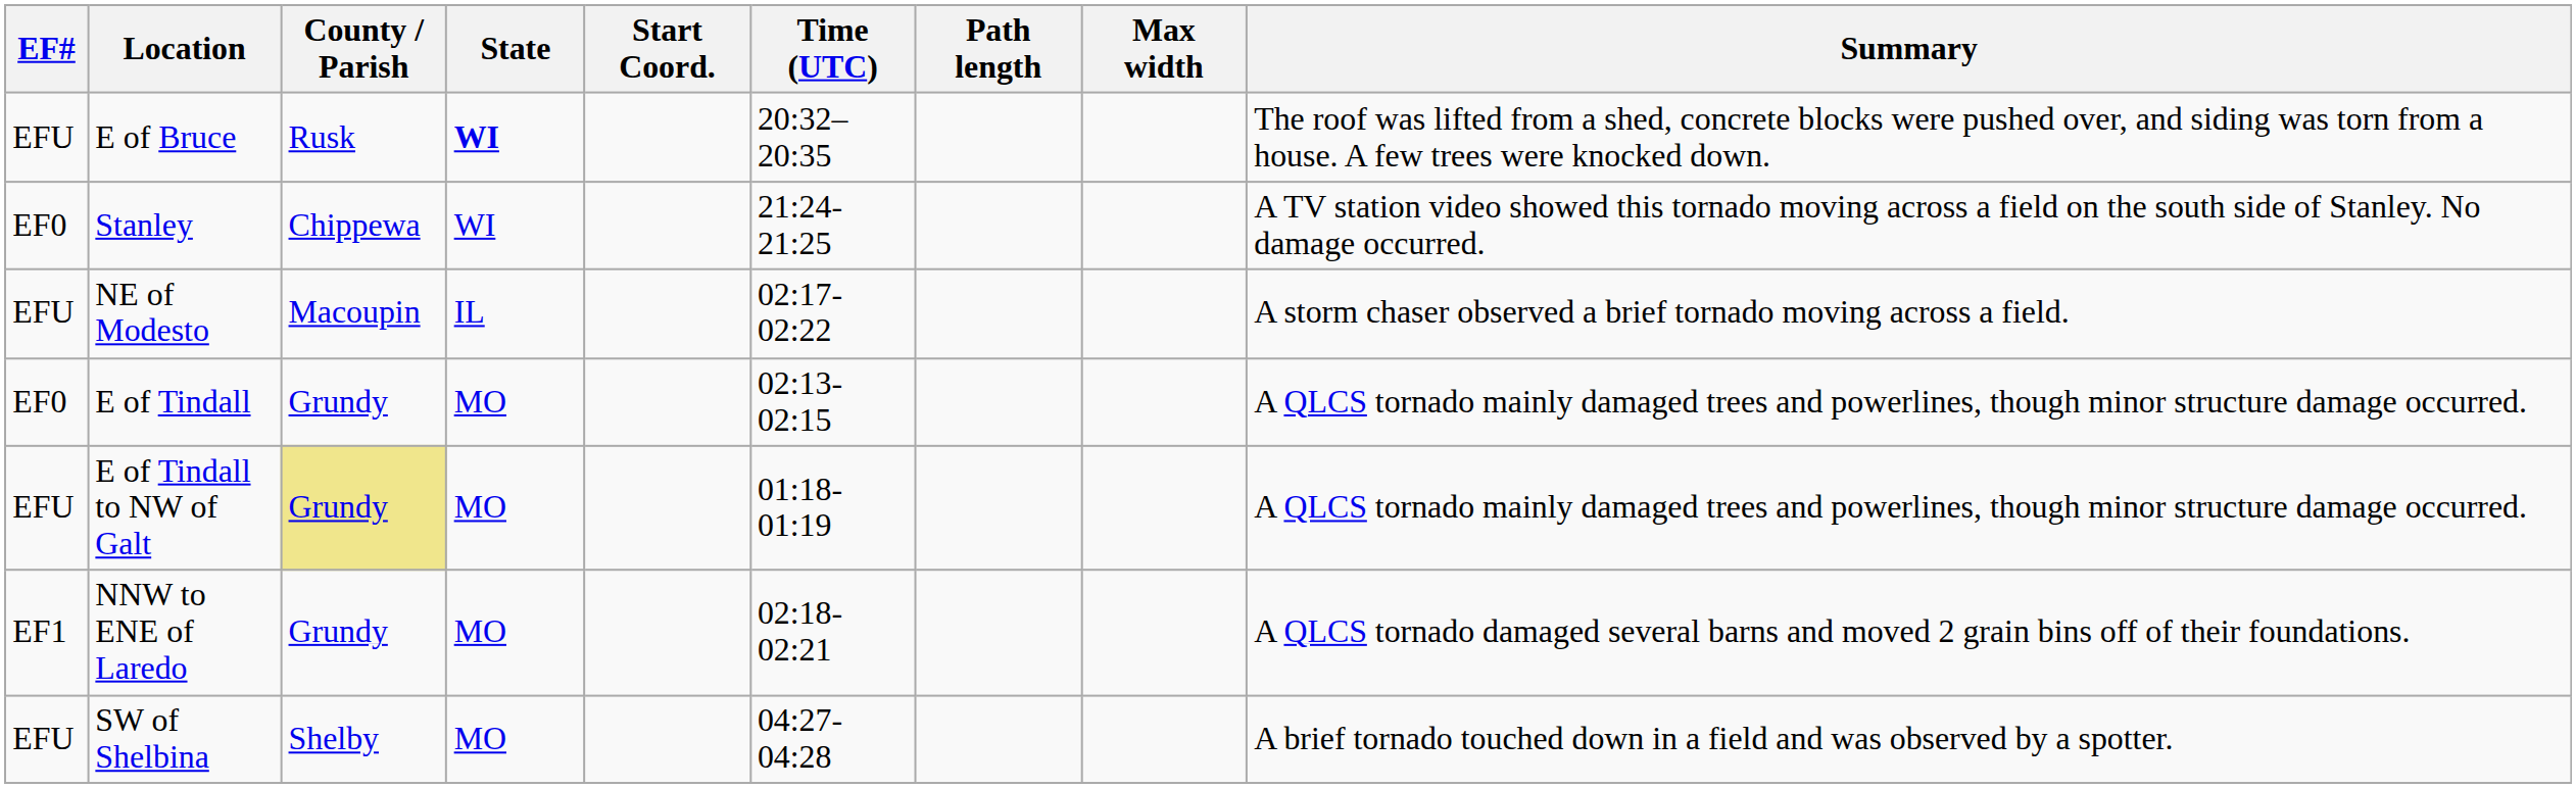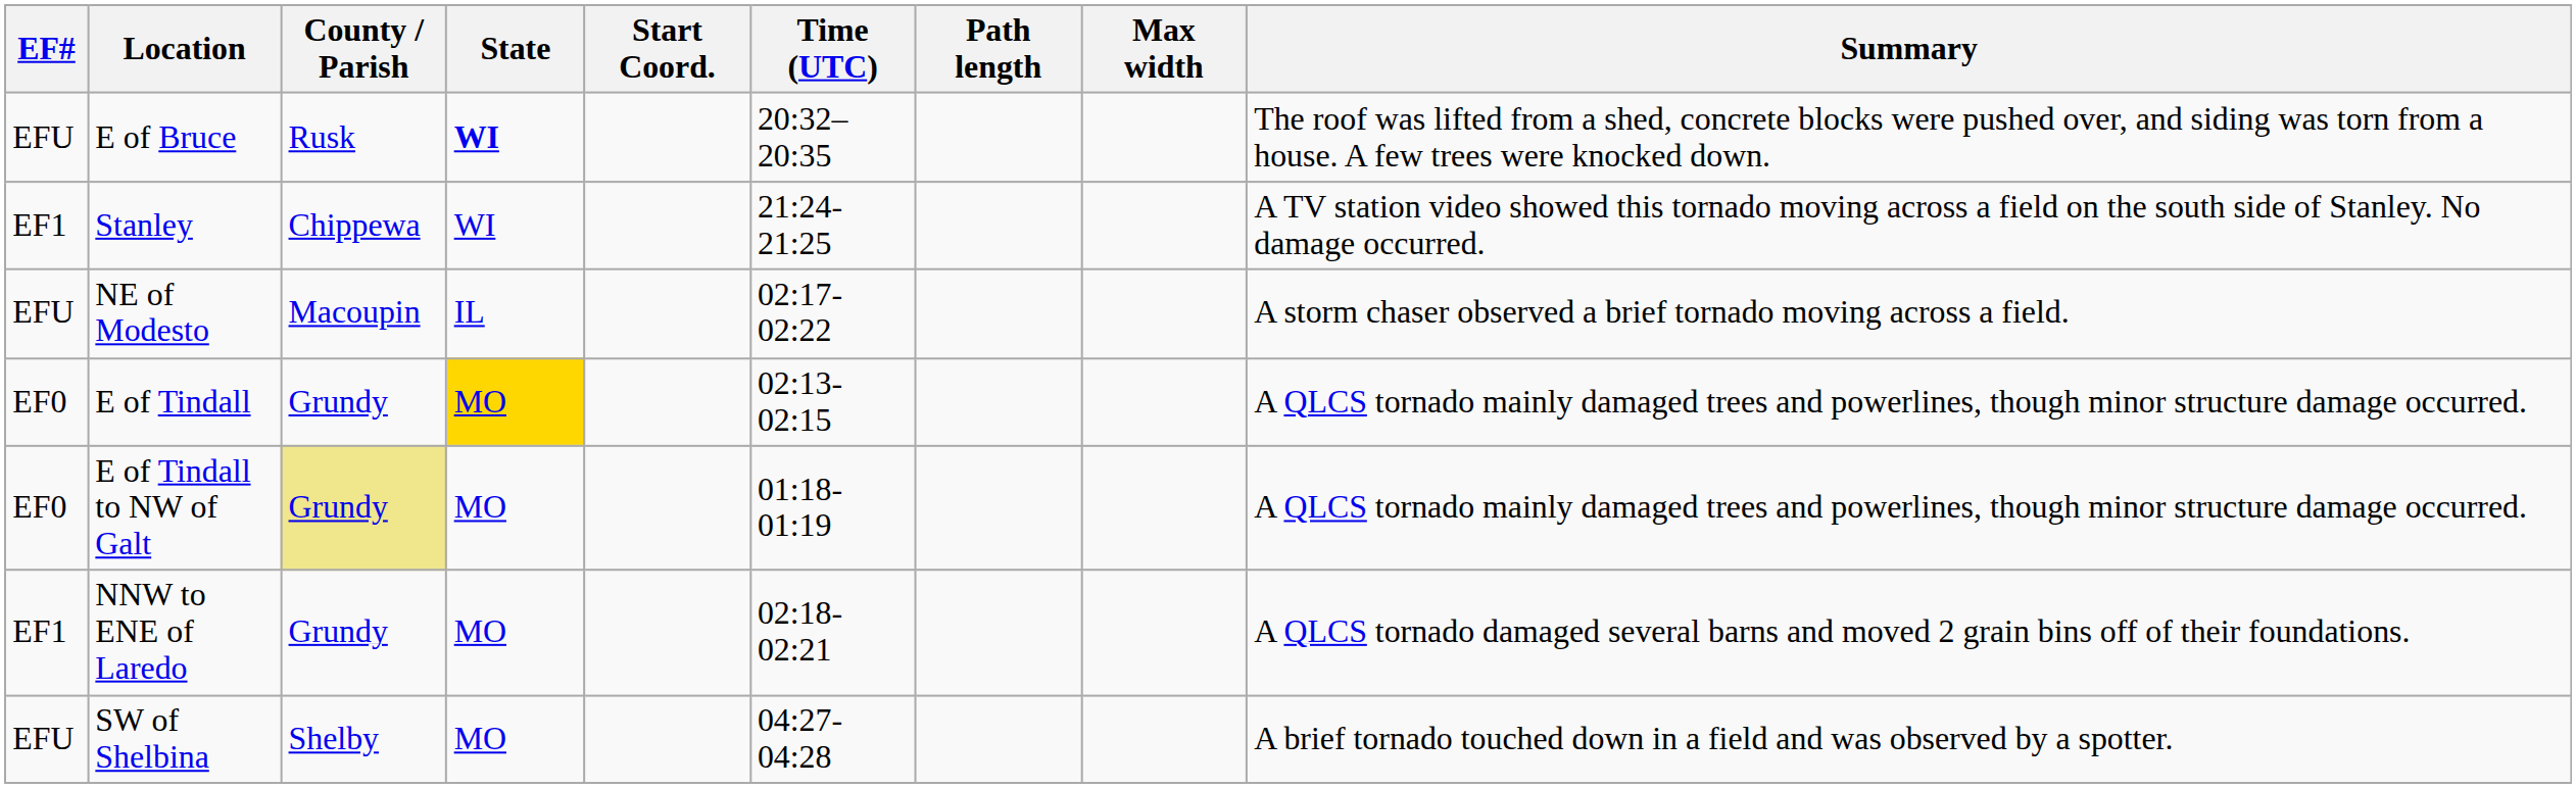 <table class="wikitable sortable" style="width:100%;">
 <tr>
 <th scope="col"  style="width:3%; text-align:center;"><a href='#'>EF#</a></th>
 <th scope="col"  style="width:7%; text-align:center;" class="unsortable">Location</th>
 <th scope="col"  style="width:6%; text-align:center;" class="unsortable">County / Parish</th>
 <th scope="col"  style="width:5%; text-align:center;">State</th>
 <th scope="col"  style="width:6%; text-align:center;">Start Coord.</th>
 <th scope="col"  style="width:6%; text-align:center;">Time (<a href='#'>UTC</a>)</th>
 <th scope="col"  style="width:6%; text-align:center;">Path length</th>
 <th scope="col"  style="width:6%; text-align:center;">Max width</th>
 <th scope="col" class="unsortable" style="width:48%; text-align:center;">Summary</th>
 </tr>
 <tr>
 <td>EFU</td>
 <td>E of <a href='#'>Bruce</a></td>
 <td><a href='#'>Rusk</a></td>
 <td><strong><a href='#'>WI</a></strong></td>
 <td></td>
 <td>20:32–20:35</td>
 <td></td>
 <td></td>
 <td>The roof was lifted from a shed, concrete blocks were pushed over, and siding was torn from a house. A few trees were knocked down.</td>
 </tr>
 <tr>
-<td>EF0</td>
+<td>EF1</td>
 <td><a href='#'>Stanley</a></td>
 <td><a href='#'>Chippewa</a></td>
 <td><a href='#'>WI</a></td>
 <td></td>
 <td>21:24-21:25</td>
 <td></td>
 <td></td>
 <td>A TV station video showed this tornado moving across a field on the south side of Stanley. No damage occurred.</td>
 </tr>
 <tr>
 <td>EFU</td>
 <td>NE of <a href='#'>Modesto</a></td>
 <td><a href='#'>Macoupin</a></td>
 <td><a href='#'>IL</a></td>
 <td></td>
 <td>02:17-02:22</td>
 <td></td>
 <td></td>
 <td>A storm chaser observed a brief tornado moving across a field.</td>
 </tr>
 <tr>
 <td>EF0</td>
 <td>E of <a href='#'>Tindall</a></td>
 <td><a href='#'>Grundy</a></td>
-<td><a href='#'>MO</a></td>
+<td style="background: gold;"><a href='#'>MO</a></td>
 <td></td>
 <td>02:13-02:15</td>
 <td></td>
 <td></td>
 <td>A <a href='#'>QLCS</a> tornado mainly damaged trees and powerlines, though minor structure damage occurred.</td>
 </tr>
 <tr>
-<td>EFU</td>
+<td>EF0</td>
 <td>E of <a href='#'>Tindall</a> to NW of <a href='#'>Galt</a></td>
 <td style="background: khaki;"><a href='#'>Grundy</a></td>
 <td><a href='#'>MO</a></td>
 <td></td>
 <td>01:18-01:19</td>
 <td></td>
 <td></td>
 <td>A <a href='#'>QLCS</a> tornado mainly damaged trees and powerlines, though minor structure damage occurred.</td>
 </tr>
 <tr>
 <td>EF1</td>
 <td>NNW to ENE of <a href='#'>Laredo</a></td>
 <td><a href='#'>Grundy</a></td>
 <td><a href='#'>MO</a></td>
 <td></td>
 <td>02:18-02:21</td>
 <td></td>
 <td></td>
 <td>A <a href='#'>QLCS</a> tornado damaged several barns and moved 2 grain bins off of their foundations.</td>
 </tr>
 <tr>
 <td>EFU</td>
 <td>SW of <a href='#'>Shelbina</a></td>
 <td><a href='#'>Shelby</a></td>
 <td><a href='#'>MO</a></td>
 <td></td>
 <td>04:27-04:28</td>
 <td></td>
 <td></td>
 <td>A brief tornado touched down in a field and was observed by a spotter.</td>
 </tr>
 <tr>
 </tr>
 </table>
